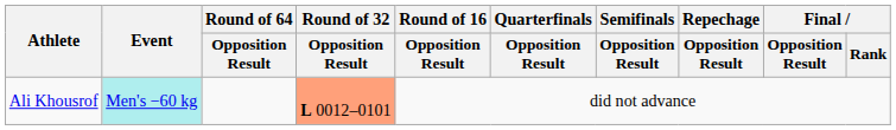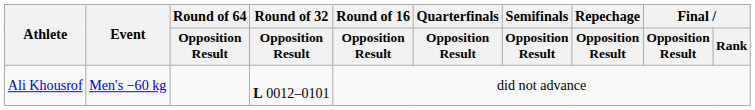 <table class="wikitable" style="font-size:90%">
 <tr>
 <th rowspan="2">Athlete</th>
 <th rowspan="2">Event</th>
 <th>Round of 64</th>
 <th>Round of 32</th>
 <th>Round of 16</th>
 <th>Quarterfinals</th>
 <th>Semifinals</th>
 <th>Repechage</th>
 <th colspan=2>Final / </th>
 </tr>
 <tr style="font-size:95%">
 <th>Opposition<br>Result</th>
 <th>Opposition<br>Result</th>
 <th>Opposition<br>Result</th>
 <th>Opposition<br>Result</th>
 <th>Opposition<br>Result</th>
 <th>Opposition<br>Result</th>
 <th>Opposition<br>Result</th>
 <th>Rank</th>
 </tr>
 <tr align=center>
 <td align=left><a href='#'>Ali Khousrof</a></td>
-<td align=left style="background: paleturquoise;"><a href='#'>Men's −60 kg</a></td>
+<td align=left><a href='#'>Men's −60 kg</a></td>
 <td></td>
-<td style="background: lightsalmon;"><br><strong>L</strong> 0012–0101</td>
+<td><br><strong>L</strong> 0012–0101</td>
 <td colspan=6>did not advance</td>
 </tr>
 </table>
